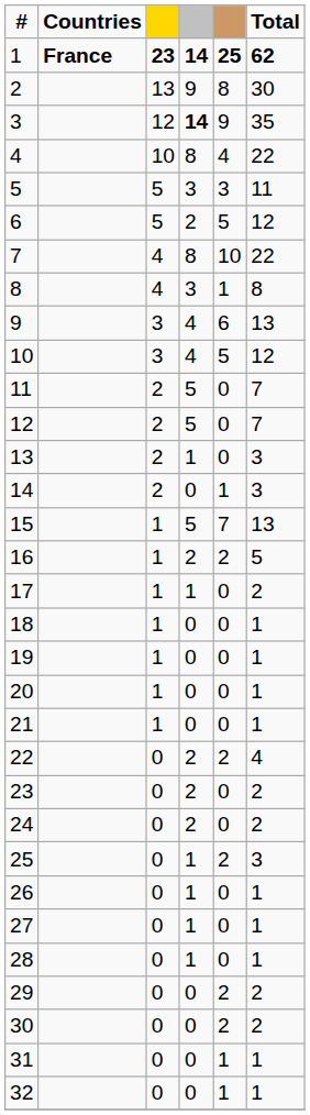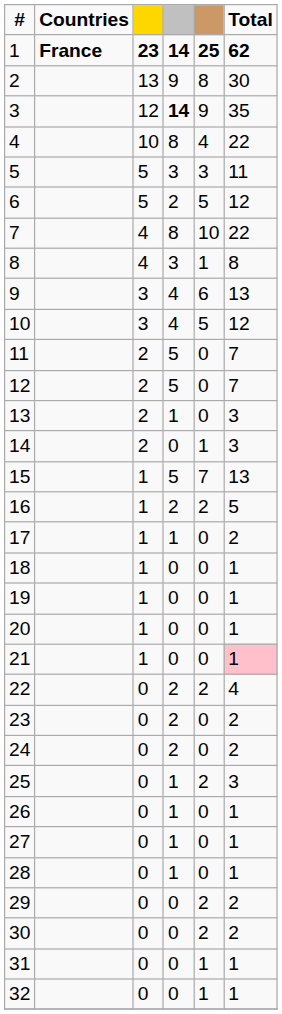 <table class="wikitable" style="text-align:left">
 <tr>
 <td style="text-align:center"><strong>#</strong></td>
 <td style="text-align:center"><strong>Countries</strong></td>
 <td style="text-align:center" bgcolor="gold"></td>
 <td style="text-align:center" bgcolor="silver"></td>
 <td style="text-align:center" bgcolor="CC9966"></td>
 <td style="text-align:center"><strong>Total</strong></td>
 </tr>
 <tr>
 <td>1</td>
 <td> <strong>France</strong></td>
 <td><strong>23</strong></td>
 <td><strong>14</strong></td>
 <td><strong>25</strong></td>
 <td><strong>62</strong></td>
 </tr>
 <tr>
 <td>2</td>
 <td></td>
 <td>13</td>
 <td>9</td>
 <td>8</td>
 <td>30</td>
 </tr>
 <tr>
 <td>3</td>
 <td></td>
 <td>12</td>
 <td><strong>14</strong></td>
 <td>9</td>
 <td>35</td>
 </tr>
 <tr>
 <td>4</td>
 <td></td>
 <td>10</td>
 <td>8</td>
 <td>4</td>
 <td>22</td>
 </tr>
 <tr>
 <td>5</td>
 <td></td>
 <td>5</td>
 <td>3</td>
 <td>3</td>
 <td>11</td>
 </tr>
 <tr>
 <td>6</td>
 <td></td>
 <td>5</td>
 <td>2</td>
 <td>5</td>
 <td>12</td>
 </tr>
 <tr>
 <td>7</td>
 <td></td>
 <td>4</td>
 <td>8</td>
 <td>10</td>
 <td>22</td>
 </tr>
 <tr>
 <td>8</td>
 <td></td>
 <td>4</td>
 <td>3</td>
 <td>1</td>
 <td>8</td>
 </tr>
 <tr>
 <td>9</td>
 <td></td>
 <td>3</td>
 <td>4</td>
 <td>6</td>
 <td>13</td>
 </tr>
 <tr>
 <td>10</td>
 <td></td>
 <td>3</td>
 <td>4</td>
 <td>5</td>
 <td>12</td>
 </tr>
 <tr>
 <td>11</td>
 <td></td>
 <td>2</td>
 <td>5</td>
 <td>0</td>
 <td>7</td>
 </tr>
 <tr>
 <td>12</td>
 <td></td>
 <td>2</td>
 <td>5</td>
 <td>0</td>
 <td>7</td>
 </tr>
 <tr>
 <td>13</td>
 <td></td>
 <td>2</td>
 <td>1</td>
 <td>0</td>
 <td>3</td>
 </tr>
 <tr>
 <td>14</td>
 <td></td>
 <td>2</td>
 <td>0</td>
 <td>1</td>
 <td>3</td>
 </tr>
 <tr>
 <td>15</td>
 <td></td>
 <td>1</td>
 <td>5</td>
 <td>7</td>
 <td>13</td>
 </tr>
 <tr>
 <td>16</td>
 <td></td>
 <td>1</td>
 <td>2</td>
 <td>2</td>
 <td>5</td>
 </tr>
 <tr>
 <td>17</td>
 <td></td>
 <td>1</td>
 <td>1</td>
 <td>0</td>
 <td>2</td>
 </tr>
 <tr>
 <td>18</td>
 <td></td>
 <td>1</td>
 <td>0</td>
 <td>0</td>
 <td>1</td>
 </tr>
 <tr>
 <td>19</td>
 <td></td>
 <td>1</td>
 <td>0</td>
 <td>0</td>
 <td>1</td>
 </tr>
 <tr>
 <td>20</td>
 <td></td>
 <td>1</td>
 <td>0</td>
 <td>0</td>
 <td>1</td>
 </tr>
 <tr>
 <td>21</td>
 <td></td>
 <td>1</td>
 <td>0</td>
 <td>0</td>
-<td>1</td>
+<td style="background: pink;">1</td>
 </tr>
 <tr>
 <td>22</td>
 <td></td>
 <td>0</td>
 <td>2</td>
 <td>2</td>
 <td>4</td>
 </tr>
 <tr>
 <td>23</td>
 <td></td>
 <td>0</td>
 <td>2</td>
 <td>0</td>
 <td>2</td>
 </tr>
 <tr>
 <td>24</td>
 <td></td>
 <td>0</td>
 <td>2</td>
 <td>0</td>
 <td>2</td>
 </tr>
 <tr>
 <td>25</td>
 <td></td>
 <td>0</td>
 <td>1</td>
 <td>2</td>
 <td>3</td>
 </tr>
 <tr>
 <td>26</td>
 <td></td>
 <td>0</td>
 <td>1</td>
 <td>0</td>
 <td>1</td>
 </tr>
 <tr>
 <td>27</td>
 <td></td>
 <td>0</td>
 <td>1</td>
 <td>0</td>
 <td>1</td>
 </tr>
 <tr>
 <td>28</td>
 <td></td>
 <td>0</td>
 <td>1</td>
 <td>0</td>
 <td>1</td>
 </tr>
 <tr>
 <td>29</td>
 <td></td>
 <td>0</td>
 <td>0</td>
 <td>2</td>
 <td>2</td>
 </tr>
 <tr>
 <td>30</td>
 <td></td>
 <td>0</td>
 <td>0</td>
 <td>2</td>
 <td>2</td>
 </tr>
 <tr>
 <td>31</td>
 <td></td>
 <td>0</td>
 <td>0</td>
 <td>1</td>
 <td>1</td>
 </tr>
 <tr>
 <td>32</td>
 <td></td>
 <td>0</td>
 <td>0</td>
 <td>1</td>
 <td>1</td>
 </tr>
 <tr>
 </tr>
 </table>
